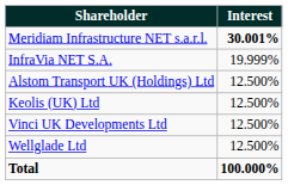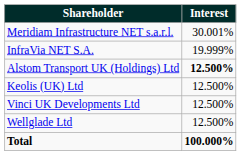 <table class="wikitable" style="margin:1em auto;">
 <tr>
 <th style="background: #002C2A;color: white">Shareholder</th>
 <th style="background: #002C2A;color: white">Interest</th>
 </tr>
 <tr>
 <td><a href='#'>Meridiam Infrastructure NET s.a.r.l.</a></td>
-<td align="right"><strong>30.001%</strong></td>
+<td align="right">30.001%</td>
 </tr>
 <tr>
 <td><a href='#'>InfraVia NET S.A.</a></td>
 <td align="right">19.999%</td>
 </tr>
 <tr>
 <td><a href='#'>Alstom Transport UK (Holdings) Ltd</a></td>
-<td align="right">12.500%</td>
+<td align="right"><strong>12.500%</strong></td>
 </tr>
 <tr>
 <td><a href='#'>Keolis (UK) Ltd</a></td>
 <td align="right">12.500%</td>
 </tr>
 <tr>
 <td><a href='#'>Vinci UK Developments Ltd</a></td>
 <td align="right">12.500%</td>
 </tr>
 <tr>
 <td><a href='#'>Wellglade Ltd</a></td>
 <td align="right">12.500%</td>
 </tr>
 <tr>
 <td><strong>Total</strong></td>
 <td align="right"><strong>100.000%</strong></td>
 </tr>
 </table>
